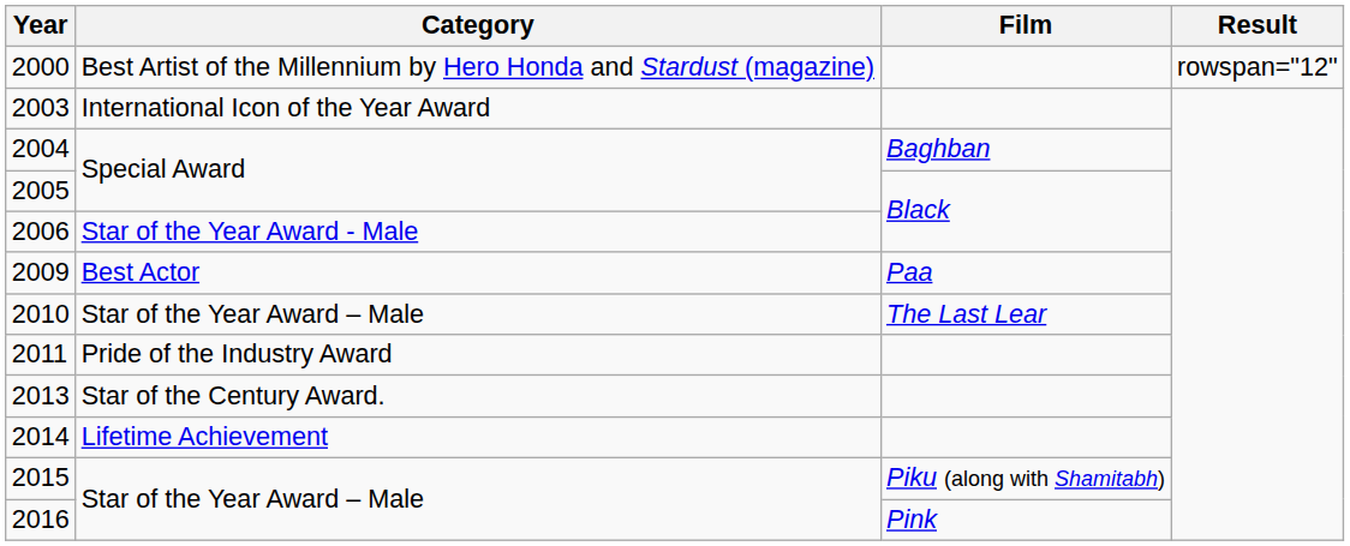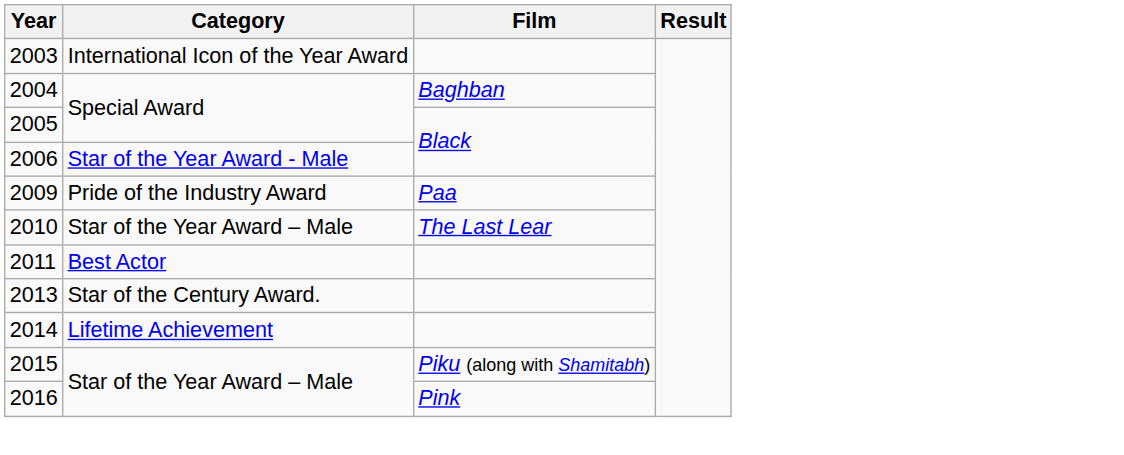 <table class="wikitable sortable">
 <tr>
 <th>Year</th>
 <th>Category</th>
 <th>Film</th>
 <th>Result</th>
-</tr>
-<tr>
-<td>2000</td>
-<td>Best Artist of the Millennium by <a href='#'>Hero Honda</a> and <a href='#'><em>Stardust</em> (magazine)</a></td>
-<td></td>
-<td>rowspan="12" </td>
 </tr>
 <tr>
 <td>2003</td>
 <td>International Icon of the Year Award</td>
 <td></td>
 </tr>
 <tr>
 <td>2004</td>
 <td rowspan="2">Special Award</td>
 <td><em><a href='#'>Baghban</a></em></td>
 </tr>
 <tr>
 <td>2005</td>
 <td rowspan="2"><em><a href='#'>Black</a></em></td>
 </tr>
 <tr>
 <td>2006</td>
 <td><a href='#'>Star of the Year Award - Male</a></td>
 </tr>
 <tr>
 <td>2009</td>
-<td><a href='#'>Best Actor</a></td>
+<td>Pride of the Industry Award</td>
 <td><em><a href='#'>Paa</a></em></td>
 </tr>
 <tr>
 <td>2010</td>
 <td>Star of the Year Award – Male</td>
 <td><em><a href='#'>The Last Lear</a></em></td>
 </tr>
 <tr>
 <td>2011</td>
-<td>Pride of the Industry Award</td>
+<td><a href='#'>Best Actor</a></td>
 <td></td>
 </tr>
 <tr>
 <td>2013</td>
 <td>Star of the Century Award.</td>
 <td></td>
 </tr>
 <tr>
 <td>2014</td>
 <td><a href='#'>Lifetime Achievement</a></td>
 <td></td>
 </tr>
 <tr>
 <td>2015</td>
 <td rowspan="2">Star of the Year Award – Male</td>
 <td><em><a href='#'>Piku</a></em> <small> (along with <em><a href='#'>Shamitabh</a></em>) </small></td>
 </tr>
 <tr>
 <td>2016</td>
 <td><em><a href='#'>Pink</a></em></td>
 </tr>
 </table>
